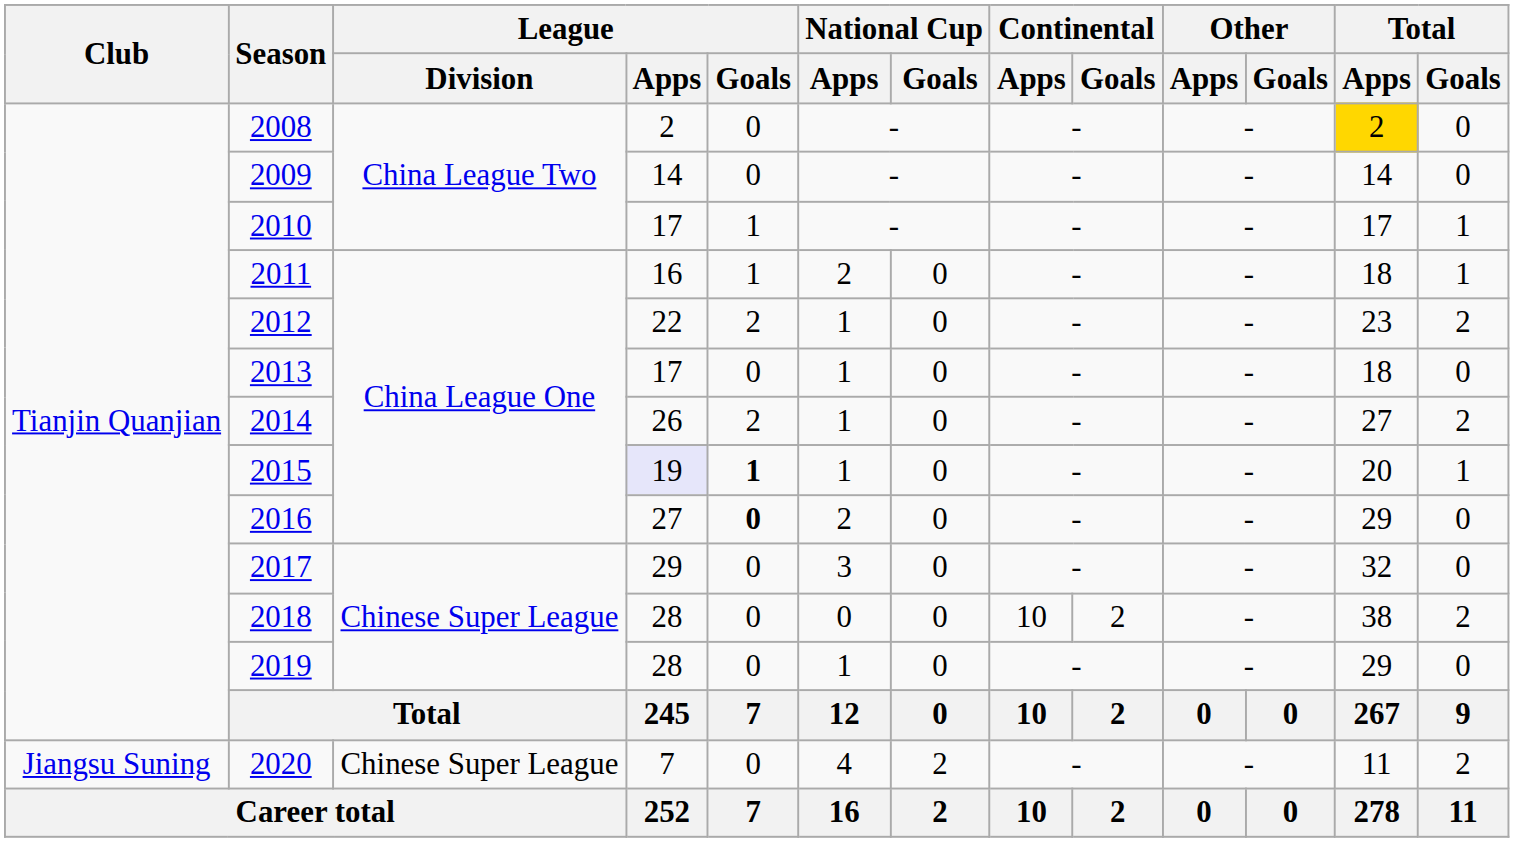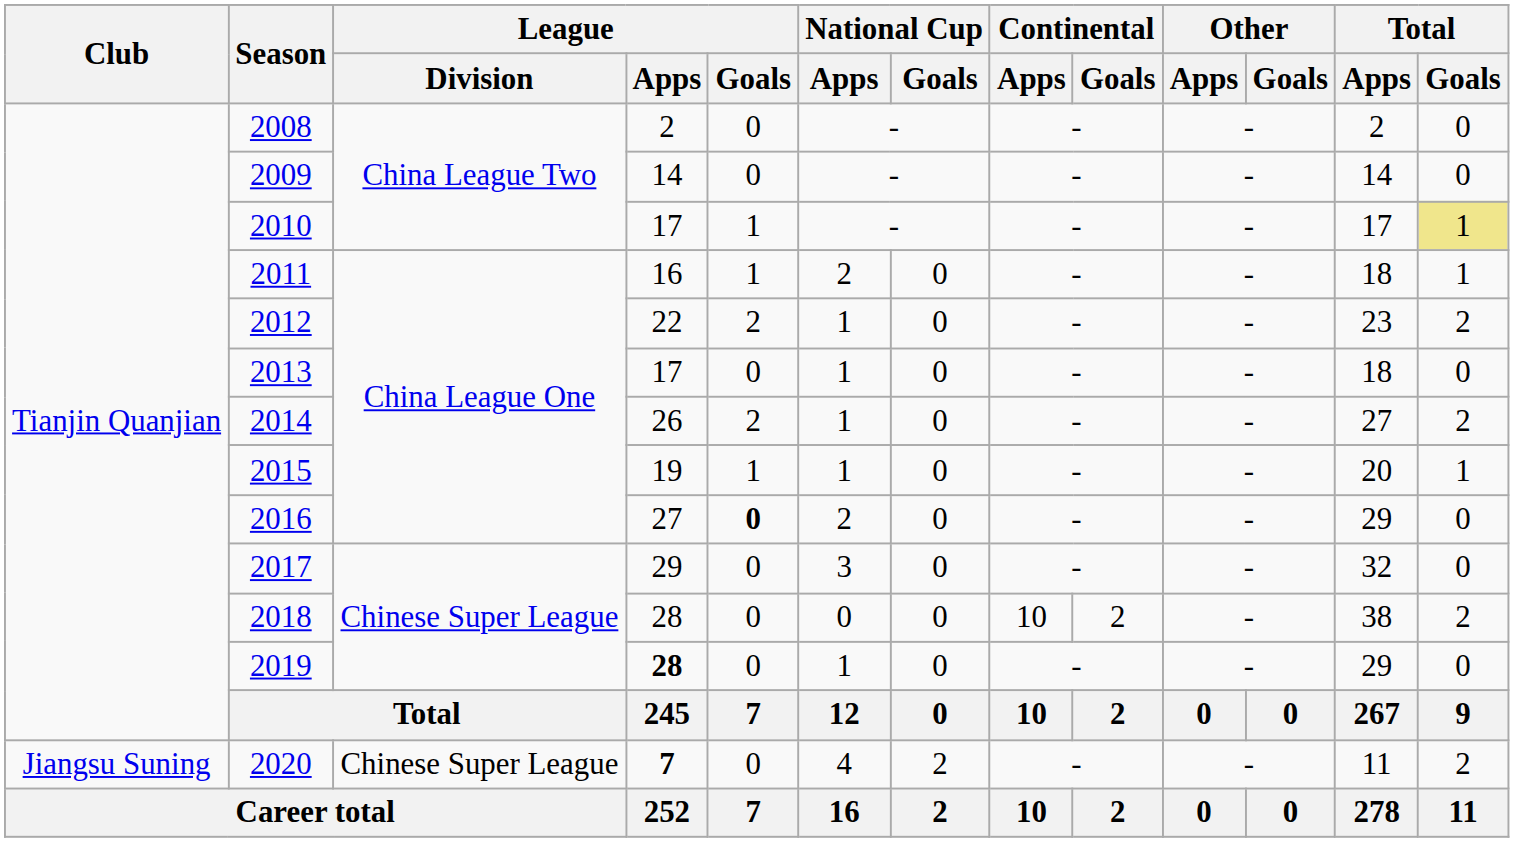 <table class="wikitable" style="text-align: center">
 <tr>
 <th rowspan="2">Club</th>
 <th rowspan="2">Season</th>
 <th colspan="3">League</th>
 <th colspan="2">National Cup</th>
 <th colspan="2">Continental</th>
 <th colspan="2">Other</th>
 <th colspan="2">Total</th>
 </tr>
 <tr>
 <th>Division</th>
 <th>Apps</th>
 <th>Goals</th>
 <th>Apps</th>
 <th>Goals</th>
 <th>Apps</th>
 <th>Goals</th>
 <th>Apps</th>
 <th>Goals</th>
 <th>Apps</th>
 <th>Goals</th>
 </tr>
 <tr>
 <td rowspan=13><a href='#'>Tianjin Quanjian</a></td>
 <td><a href='#'>2008</a></td>
 <td rowspan="3"><a href='#'>China League Two</a></td>
 <td>2</td>
 <td>0</td>
 <td colspan="2">-</td>
 <td colspan="2">-</td>
 <td colspan="2">-</td>
-<td style="background: gold;">2</td>
+<td>2</td>
 <td>0</td>
 </tr>
 <tr>
 <td><a href='#'>2009</a></td>
 <td>14</td>
 <td>0</td>
 <td colspan="2">-</td>
 <td colspan="2">-</td>
 <td colspan="2">-</td>
 <td>14</td>
 <td>0</td>
 </tr>
 <tr>
 <td><a href='#'>2010</a></td>
 <td>17</td>
 <td>1</td>
 <td colspan="2">-</td>
 <td colspan="2">-</td>
 <td colspan="2">-</td>
 <td>17</td>
-<td>1</td>
+<td style="background: khaki;">1</td>
 </tr>
 <tr>
 <td><a href='#'>2011</a></td>
 <td rowspan="6"><a href='#'>China League One</a></td>
 <td>16</td>
 <td>1</td>
 <td>2</td>
 <td>0</td>
 <td colspan="2">-</td>
 <td colspan="2">-</td>
 <td>18</td>
 <td>1</td>
 </tr>
 <tr>
 <td><a href='#'>2012</a></td>
 <td>22</td>
 <td>2</td>
 <td>1</td>
 <td>0</td>
 <td colspan="2">-</td>
 <td colspan="2">-</td>
 <td>23</td>
 <td>2</td>
 </tr>
 <tr>
 <td><a href='#'>2013</a></td>
 <td>17</td>
 <td>0</td>
 <td>1</td>
 <td>0</td>
 <td colspan="2">-</td>
 <td colspan="2">-</td>
 <td>18</td>
 <td>0</td>
 </tr>
 <tr>
 <td><a href='#'>2014</a></td>
 <td>26</td>
 <td>2</td>
 <td>1</td>
 <td>0</td>
 <td colspan="2">-</td>
 <td colspan="2">-</td>
 <td>27</td>
 <td>2</td>
 </tr>
 <tr>
 <td><a href='#'>2015</a></td>
-<td style="background: lavender;">19</td>
-<td><strong>1</strong></td>
+<td>19</td>
+<td>1</td>
 <td>1</td>
 <td>0</td>
 <td colspan="2">-</td>
 <td colspan="2">-</td>
 <td>20</td>
 <td>1</td>
 </tr>
 <tr>
 <td><a href='#'>2016</a></td>
 <td>27</td>
 <td><strong>0</strong></td>
 <td>2</td>
 <td>0</td>
 <td colspan="2">-</td>
 <td colspan="2">-</td>
 <td>29</td>
 <td>0</td>
 </tr>
 <tr>
 <td><a href='#'>2017</a></td>
 <td rowspan=3><a href='#'>Chinese Super League</a></td>
 <td>29</td>
 <td>0</td>
 <td>3</td>
 <td>0</td>
 <td colspan="2">-</td>
 <td colspan="2">-</td>
 <td>32</td>
 <td>0</td>
 </tr>
 <tr>
 <td><a href='#'>2018</a></td>
 <td>28</td>
 <td>0</td>
 <td>0</td>
 <td>0</td>
 <td>10</td>
 <td>2</td>
 <td colspan="2">-</td>
 <td>38</td>
 <td>2</td>
 </tr>
 <tr>
 <td><a href='#'>2019</a></td>
-<td>28</td>
+<td><strong>28</strong></td>
 <td>0</td>
 <td>1</td>
 <td>0</td>
 <td colspan="2">-</td>
 <td colspan="2">-</td>
 <td>29</td>
 <td>0</td>
 </tr>
 <tr>
 <th colspan=2>Total</th>
 <th>245</th>
 <th>7</th>
 <th>12</th>
 <th>0</th>
 <th>10</th>
 <th>2</th>
 <th>0</th>
 <th>0</th>
 <th>267</th>
 <th>9</th>
 </tr>
 <tr>
 <td><a href='#'>Jiangsu Suning</a></td>
 <td><a href='#'>2020</a></td>
 <td>Chinese Super League</td>
-<td>7</td>
+<td><strong>7</strong></td>
 <td>0</td>
 <td>4</td>
 <td>2</td>
 <td colspan="2">-</td>
 <td colspan="2">-</td>
 <td>11</td>
 <td>2</td>
 </tr>
 <tr>
 <th colspan=3>Career total</th>
 <th>252</th>
 <th>7</th>
 <th>16</th>
 <th>2</th>
 <th>10</th>
 <th>2</th>
 <th>0</th>
 <th>0</th>
 <th>278</th>
 <th>11</th>
 </tr>
 </table>
